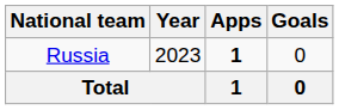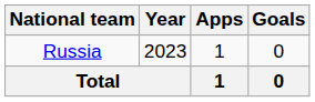 <table class="wikitable" style="text-align:center">
 <tr>
 <th>National team</th>
 <th>Year</th>
 <th>Apps</th>
 <th>Goals</th>
 </tr>
 <tr>
 <td><a href='#'>Russia</a></td>
 <td>2023</td>
-<td><strong>1</strong></td>
+<td>1</td>
 <td>0</td>
 </tr>
 <tr>
 <th colspan="2">Total</th>
 <th>1</th>
 <th>0</th>
 </tr>
 </table>
